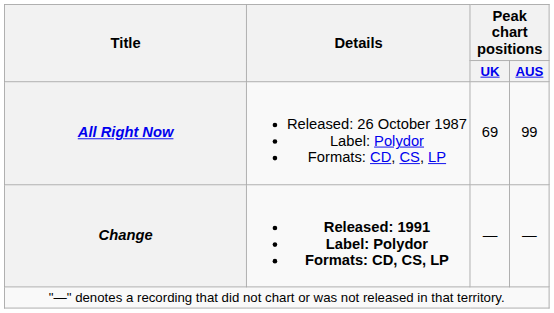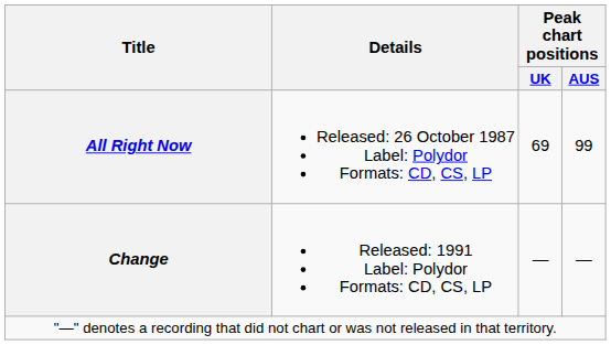 <table class="wikitable plainrowheaders" style="text-align:center;">
 <tr>
 <th scope="col" rowspan="2" style="width:16em;">Title</th>
 <th scope="col" rowspan="2">Details</th>
 <th scope="col" colspan="2">Peak chart positions</th>
 </tr>
 <tr>
 <th scope="col" style="width:2.5em;font-size:90%;"><a href='#'>UK</a><br></th>
 <th scope="col" style="width:2.5em;font-size:90%;"><a href='#'>AUS</a><br></th>
 </tr>
 <tr>
 <th scope="row"><em><a href='#'>All Right Now</a></em></th>
 <td><br><ul><li>Released: 26 October 1987</li><li>Label: <a href='#'>Polydor</a></li><li>Formats: <a href='#'>CD</a>, <a href='#'>CS</a>, <a href='#'>LP</a></li></ul></td>
 <td>69</td>
 <td>99</td>
 </tr>
 <tr>
 <th scope="row"><em>Change</em></th>
-<td><strong><br><ul><li>Released: 1991</li><li>Label: Polydor</li><li>Formats: CD, CS, LP</li></ul></strong></td>
+<td><br><ul><li>Released: 1991</li><li>Label: Polydor</li><li>Formats: CD, CS, LP</li></ul></td>
 <td>—</td>
 <td>—</td>
 </tr>
 <tr>
 <td colspan="4" style="font-size:90%">"—" denotes a recording that did not chart or was not released in that territory.</td>
 </tr>
 </table>
